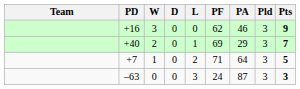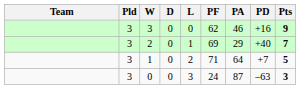 <table class="wikitable" style="text-align:center;">
 <tr>
 <th width=175>Team</th>
-<th width=32 abbr="Points difference">PD</th>
+<th width=25 abbr="Played">Pld</th>
 <th width=25 abbr="Won">W</th>
 <th width=25 abbr="Drawn">D</th>
 <th width=25 abbr="Lost">L</th>
 <th width=32 abbr="Points for">PF</th>
 <th width=32 abbr="Points against">PA</th>
-<th width=25 abbr="Played">Pld</th>
+<th width=32 abbr="Points difference">PD</th>
 <th width=25 abbr="Points">Pts</th>
 </tr>
 <tr bgcolor=ccffcc>
 <td align=left></td>
-<td>+16</td>
+<td>3</td>
 <td>3</td>
 <td>0</td>
 <td>0</td>
 <td>62</td>
 <td>46</td>
-<td>3</td>
+<td>+16</td>
 <td><strong>9</strong></td>
 </tr>
 <tr bgcolor=ccffcc>
 <td align=left></td>
-<td>+40</td>
+<td>3</td>
 <td>2</td>
 <td>0</td>
 <td>1</td>
 <td>69</td>
 <td>29</td>
-<td>3</td>
+<td>+40</td>
 <td><strong>7</strong></td>
 </tr>
 <tr>
 <td align=left></td>
-<td>+7</td>
+<td>3</td>
 <td>1</td>
 <td>0</td>
 <td>2</td>
 <td>71</td>
 <td>64</td>
-<td>3</td>
+<td>+7</td>
 <td><strong>5</strong></td>
 </tr>
 <tr>
 <td align=left></td>
-<td>–63</td>
+<td>3</td>
 <td>0</td>
 <td>0</td>
 <td>3</td>
 <td>24</td>
 <td>87</td>
-<td>3</td>
+<td>–63</td>
 <td><strong>3</strong></td>
 </tr>
 </table>
